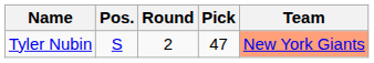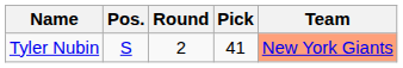 <table class="wikitable">
 <tr>
 <th style="text-align:center; ">Name</th>
 <th style="text-align:center; ">Pos.</th>
 <th style="text-align:center; ">Round</th>
 <th style="text-align:center; ">Pick</th>
 <th style="text-align:center; ">Team</th>
 </tr>
 <tr style="text-align:center">
 <td><a href='#'>Tyler Nubin</a></td>
 <td><a href='#'>S</a></td>
 <td>2</td>
-<td>47</td>
+<td>41</td>
 <td style="background: lightsalmon;"><a href='#'>New York Giants</a></td>
 </tr>
 </table>
